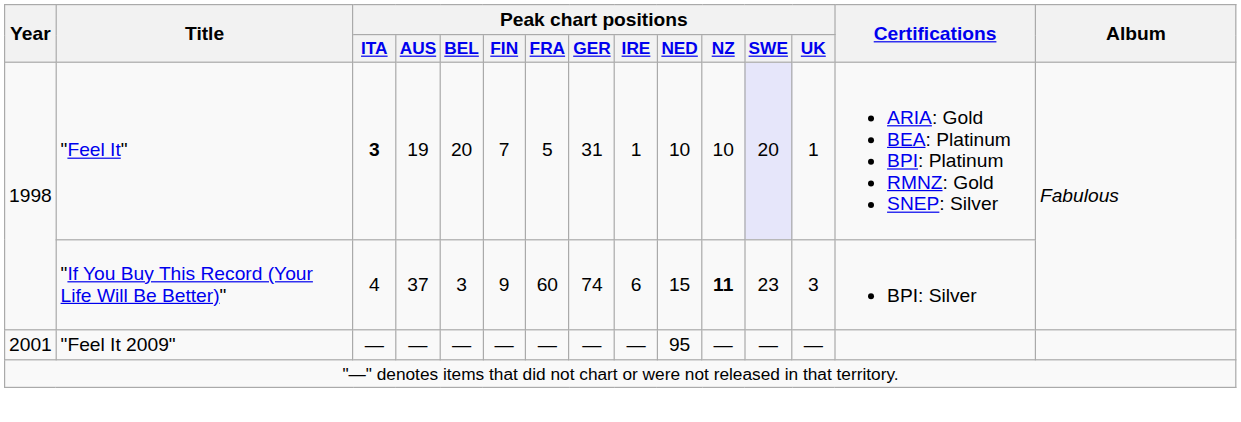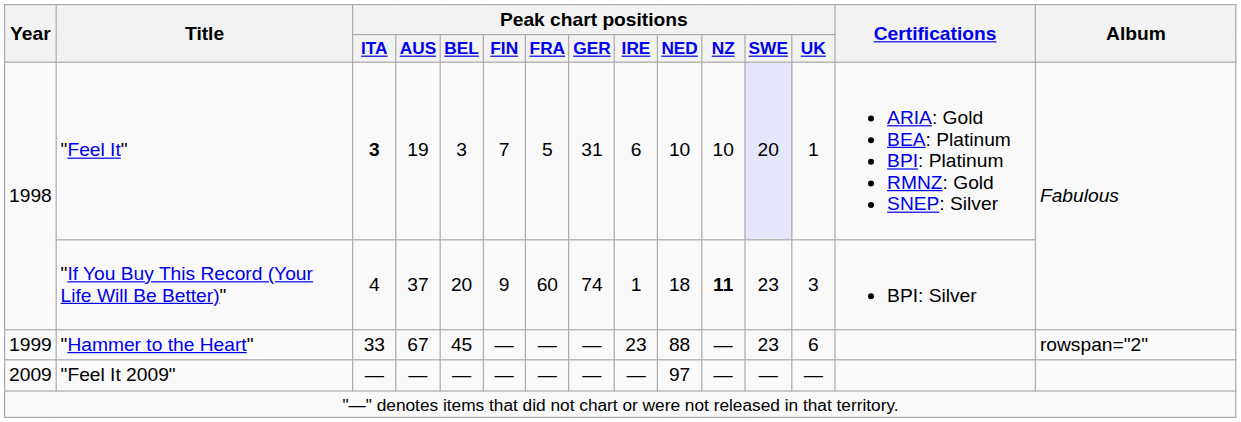 <table class="wikitable">
 <tr>
 <th rowspan="2" style="width:2em;">Year</th>
 <th rowspan="2" style="width:15em;">Title</th>
 <th colspan="11">Peak chart positions</th>
 <th rowspan="2" style="width:10em;"><a href='#'>Certifications</a></th>
 <th rowspan="2" style="width:10em;">Album</th>
 </tr>
 <tr>
 <th style="width:2em;font-size:90%;"><a href='#'>ITA</a><br></th>
 <th style="width:2em;font-size:90%;"><a href='#'>AUS</a><br></th>
 <th style="width:2em;font-size:90%;"><a href='#'>BEL</a><br></th>
 <th style="width:2em;font-size:90%;"><a href='#'>FIN</a><br></th>
 <th style="width:2em;font-size:90%;"><a href='#'>FRA</a><br></th>
 <th style="width:2em;font-size:90%;"><a href='#'>GER</a><br></th>
 <th style="width:2em;font-size:90%;"><a href='#'>IRE</a><br></th>
 <th style="width:2em;font-size:90%;"><a href='#'>NED</a><br></th>
 <th style="width:2em;font-size:90%;"><a href='#'>NZ</a><br></th>
 <th style="width:2em;font-size:90%;"><a href='#'>SWE</a><br></th>
 <th style="width:2em;font-size:90%;"><a href='#'>UK</a><br></th>
 </tr>
 <tr>
 <td rowspan="2" align="center">1998</td>
 <td>"<a href='#'>Feel It</a>"</td>
 <td align="center"><strong>3</strong></td>
 <td align="center">19</td>
-<td align="center">20</td>
+<td align="center">3</td>
 <td align="center">7</td>
 <td align="center">5</td>
 <td align="center">31</td>
-<td align="center">1</td>
+<td align="center">6</td>
 <td align="center">10</td>
 <td align="center">10</td>
 <td align="center" style="background: lavender;">20</td>
 <td align="center">1</td>
 <td><br><ul><li><a href='#'>ARIA</a>: Gold</li><li><a href='#'>BEA</a>: Platinum</li><li><a href='#'>BPI</a>: Platinum</li><li><a href='#'>RMNZ</a>: Gold</li><li><a href='#'>SNEP</a>: Silver</li></ul></td>
 <td align="left" rowspan="2"><em>Fabulous</em></td>
 </tr>
 <tr>
 <td>"<a href='#'>If You Buy This Record (Your Life Will Be Better)</a>"</td>
 <td align="center">4</td>
 <td align="center">37</td>
-<td align="center">3</td>
+<td align="center">20</td>
 <td align="center">9</td>
 <td align="center">60</td>
 <td align="center">74</td>
-<td align="center">6</td>
-<td align="center">15</td>
+<td align="center">1</td>
+<td align="center">18</td>
 <td align="center"><strong>11</strong></td>
 <td align="center">23</td>
 <td align="center">3</td>
 <td><br><ul><li>BPI: Silver</li></ul></td>
 </tr>
 <tr>
-<td align="center">2001</td>
+<td align="center">1999</td>
+<td>"<a href='#'>Hammer to the Heart</a>"</td>
+<td align="center">33</td>
+<td align="center">67</td>
+<td align="center">45</td>
+<td align="center">—</td>
+<td align="center">—</td>
+<td align="center">—</td>
+<td align="center">23</td>
+<td align="center">88</td>
+<td align="center">—</td>
+<td align="center">23</td>
+<td align="center">6</td>
+<td></td>
+<td>rowspan="2" </td>
+</tr>
+<tr>
+<td align="center">2009</td>
 <td>"Feel It 2009"</td>
 <td align="center">—</td>
 <td align="center">—</td>
 <td align="center">—</td>
 <td align="center">—</td>
 <td align="center">—</td>
 <td align="center">—</td>
 <td align="center">—</td>
-<td align="center">95</td>
+<td align="center">97</td>
 <td align="center">—</td>
 <td align="center">—</td>
 <td align="center">—</td>
 <td></td>
 </tr>
 <tr>
 <td align="center" colspan="15" style="font-size:90%">"—" denotes items that did not chart or were not released in that territory.</td>
 </tr>
 </table>
